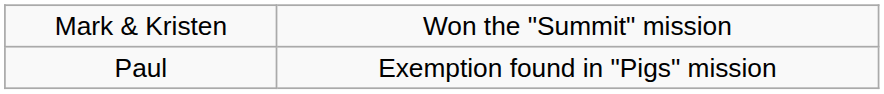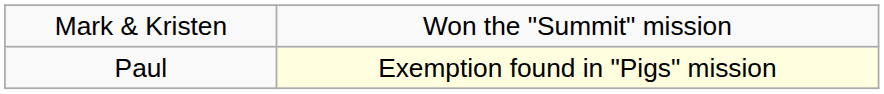 <table class="wikitable plainrowheaders floatright" style="font-size: 95%; margin: 10px; text-align: center;" align="right" width="40%">
 <tr>
 <td>Mark & Kristen</td>
 <td>Won the "Summit" mission</td>
 </tr>
 <tr>
 <td>Paul</td>
-<td>Exemption found in "Pigs" mission</td>
+<td style="background: lightyellow;">Exemption found in "Pigs" mission</td>
 </tr>
 </table>
